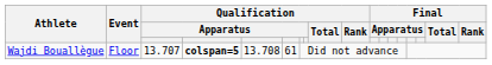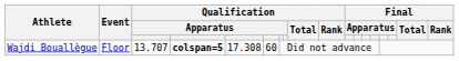 <table class="wikitable" style="font-size:90%">
 <tr>
 <th rowspan=3>Athlete</th>
 <th rowspan=3>Event</th>
 <th colspan =8>Qualification</th>
 <th colspan =8>Final</th>
 </tr>
 <tr style="font-size:95%">
 <th colspan=6>Apparatus</th>
 <th rowspan=2>Total</th>
 <th rowspan=2>Rank</th>
 <th colspan=6>Apparatus</th>
 <th rowspan=2>Total</th>
 <th rowspan=2>Rank</th>
 </tr>
 <tr style="font-size:95%">
 <th></th>
 <th></th>
 <th></th>
 <th></th>
 <th></th>
 <th></th>
 <th></th>
 <th></th>
 <th></th>
 <th></th>
 <th></th>
 <th></th>
 </tr>
 <tr align=center>
 <td align=left><a href='#'>Wajdi Bouallègue</a></td>
 <td align=left><a href='#'>Floor</a></td>
 <td>13.707</td>
 <td><strong>colspan=5 </strong></td>
-<td>13.708</td>
-<td>61</td>
+<td>17.308</td>
+<td>60</td>
 <td colspan=8>Did not advance</td>
 </tr>
 </table>
